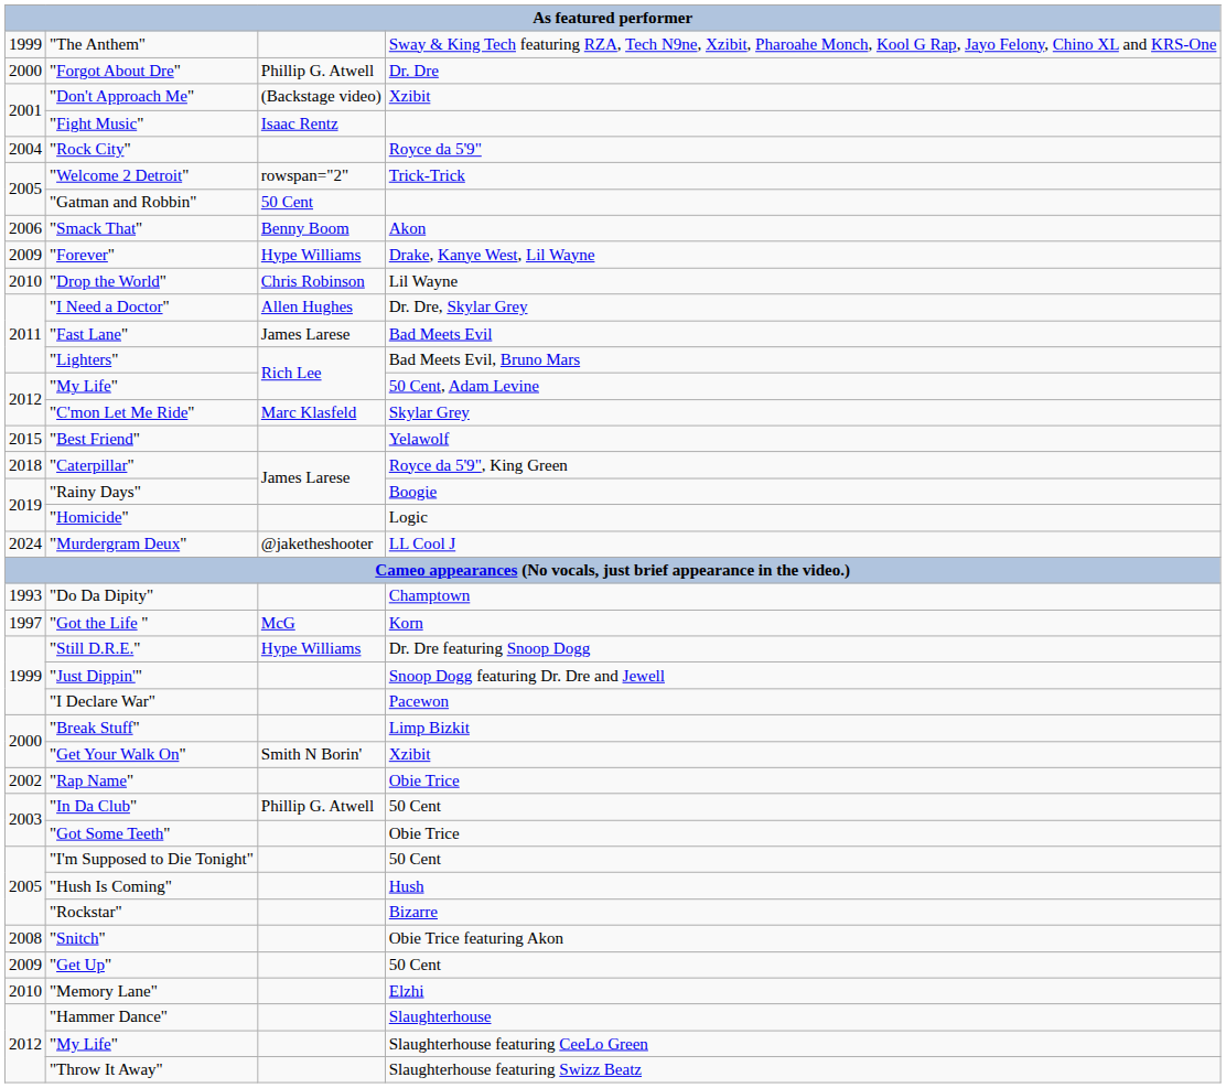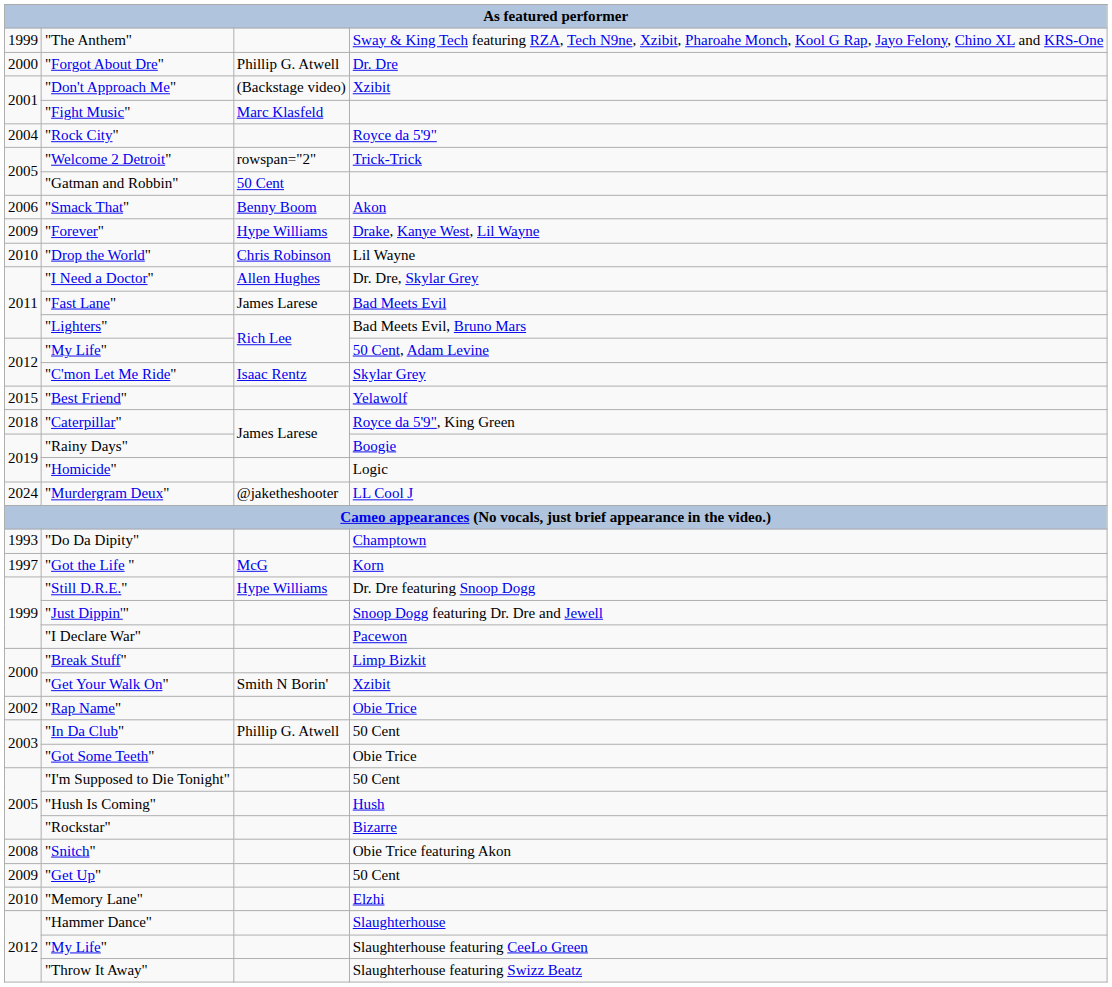 <table class="wikitable plainrowheaders sortable">
 <tr>
 </tr>
 <tr>
 <th colspan="5" style="background:#B0C4DE;">As featured performer</th>
 </tr>
 <tr>
 <td style="text-align:center;">1999</td>
 <td>"The Anthem"</td>
 <td></td>
 <td><a href='#'>Sway & King Tech</a> featuring <a href='#'>RZA</a>, <a href='#'>Tech N9ne</a>, <a href='#'>Xzibit</a>, <a href='#'>Pharoahe Monch</a>, <a href='#'>Kool G Rap</a>, <a href='#'>Jayo Felony</a>, <a href='#'>Chino XL</a> and <a href='#'>KRS-One</a></td>
 </tr>
 <tr>
 <td style="text-align:center;">2000</td>
 <td>"<a href='#'>Forgot About Dre</a>"</td>
 <td>Phillip G. Atwell</td>
 <td><a href='#'>Dr. Dre</a></td>
 </tr>
 <tr>
 <td rowspan="2" style="text-align:center;">2001</td>
 <td>"<a href='#'>Don't Approach Me</a>"</td>
 <td>(Backstage video)</td>
 <td><a href='#'>Xzibit</a></td>
 </tr>
 <tr>
 <td>"<a href='#'>Fight Music</a>"</td>
-<td><a href='#'>Isaac Rentz</a></td>
+<td><a href='#'>Marc Klasfeld</a></td>
 </tr>
 <tr>
 <td style="text-align:center;">2004</td>
 <td>"<a href='#'>Rock City</a>"</td>
 <td></td>
 <td><a href='#'>Royce da 5'9"</a></td>
 </tr>
 <tr>
 <td rowspan="2">2005</td>
 <td>"<a href='#'>Welcome 2 Detroit</a>"</td>
 <td>rowspan="2" </td>
 <td><a href='#'>Trick-Trick</a></td>
 </tr>
 <tr>
 <td>"Gatman and Robbin"</td>
 <td><a href='#'>50 Cent</a></td>
 </tr>
 <tr>
 <td style="text-align:center;">2006</td>
 <td>"<a href='#'>Smack That</a>"</td>
 <td><a href='#'>Benny Boom</a></td>
 <td><a href='#'>Akon</a></td>
 </tr>
 <tr>
 <td style="text-align:center;">2009</td>
 <td>"<a href='#'>Forever</a>"</td>
 <td><a href='#'>Hype Williams</a></td>
 <td><a href='#'>Drake</a>, <a href='#'>Kanye West</a>, <a href='#'>Lil Wayne</a></td>
 </tr>
 <tr>
 <td style="text-align:center;">2010</td>
 <td>"<a href='#'>Drop the World</a>"</td>
 <td><a href='#'>Chris Robinson</a></td>
 <td>Lil Wayne</td>
 </tr>
 <tr>
 <td rowspan="3" style="text-align:center;">2011</td>
 <td>"<a href='#'>I Need a Doctor</a>"</td>
 <td><a href='#'>Allen Hughes</a></td>
 <td>Dr. Dre, <a href='#'>Skylar Grey</a></td>
 </tr>
 <tr>
 <td>"<a href='#'>Fast Lane</a>"</td>
 <td>James Larese</td>
 <td><a href='#'>Bad Meets Evil</a></td>
 </tr>
 <tr>
 <td>"<a href='#'>Lighters</a>"</td>
 <td rowspan="2"><a href='#'>Rich Lee</a></td>
 <td>Bad Meets Evil, <a href='#'>Bruno Mars</a></td>
 </tr>
 <tr>
 <td rowspan="2" style="text-align:center;">2012</td>
 <td>"<a href='#'>My Life</a>"</td>
 <td><a href='#'>50 Cent</a>, <a href='#'>Adam Levine</a></td>
 </tr>
 <tr>
 <td>"<a href='#'>C'mon Let Me Ride</a>"</td>
-<td><a href='#'>Marc Klasfeld</a></td>
+<td><a href='#'>Isaac Rentz</a></td>
 <td><a href='#'>Skylar Grey</a></td>
 </tr>
 <tr>
 <td style="text-align:center;">2015</td>
 <td>"<a href='#'>Best Friend</a>"</td>
 <td></td>
 <td><a href='#'>Yelawolf</a></td>
 </tr>
 <tr>
 <td style="text-align:center;">2018</td>
 <td>"<a href='#'>Caterpillar</a>"</td>
 <td rowspan="2">James Larese</td>
 <td><a href='#'>Royce da 5'9"</a>, King Green</td>
 </tr>
 <tr>
 <td rowspan="2" style="text-align:center;">2019</td>
 <td>"Rainy Days"</td>
 <td><a href='#'>Boogie</a></td>
 </tr>
 <tr>
 <td>"<a href='#'>Homicide</a>"</td>
 <td></td>
 <td>Logic</td>
 </tr>
 <tr>
 <td>2024</td>
 <td>"<a href='#'>Murdergram Deux</a>"</td>
 <td>@jaketheshooter</td>
 <td><a href='#'>LL Cool J</a></td>
 </tr>
 <tr>
 <th colspan="5" style="background:#B0C4DE;"><a href='#'>Cameo appearances</a> (No vocals, just brief appearance in the video.)</th>
 </tr>
 <tr>
 <td style="text-align:center;">1993</td>
 <td>"Do Da Dipity"</td>
 <td></td>
 <td><a href='#'>Champtown</a></td>
 </tr>
 <tr>
 <td style="text-align:center;">1997</td>
 <td>"<a href='#'>Got the Life</a> "</td>
 <td><a href='#'>McG</a></td>
 <td><a href='#'>Korn</a></td>
 </tr>
 <tr>
 <td rowspan="3" style="text-align:center;">1999</td>
 <td>"<a href='#'>Still D.R.E.</a>"</td>
 <td><a href='#'>Hype Williams</a></td>
 <td>Dr. Dre featuring <a href='#'>Snoop Dogg</a></td>
 </tr>
 <tr>
 <td>"<a href='#'>Just Dippin'</a>"</td>
 <td></td>
 <td><a href='#'>Snoop Dogg</a> featuring Dr. Dre and <a href='#'>Jewell</a></td>
 </tr>
 <tr>
 <td>"I Declare War"</td>
 <td></td>
 <td><a href='#'>Pacewon</a></td>
 </tr>
 <tr>
 <td rowspan="2" style="text-align:center;">2000</td>
 <td>"<a href='#'>Break Stuff</a>"</td>
 <td></td>
 <td><a href='#'>Limp Bizkit</a></td>
 </tr>
 <tr>
 <td>"<a href='#'>Get Your Walk On</a>"</td>
 <td>Smith N Borin'</td>
 <td><a href='#'>Xzibit</a></td>
 </tr>
 <tr>
 <td style="text-align:center;">2002</td>
 <td>"<a href='#'>Rap Name</a>"</td>
 <td></td>
 <td><a href='#'>Obie Trice</a></td>
 </tr>
 <tr>
 <td rowspan="2" style="text-align:center;">2003</td>
 <td>"<a href='#'>In Da Club</a>"</td>
 <td>Phillip G. Atwell</td>
 <td>50 Cent</td>
 </tr>
 <tr>
 <td>"<a href='#'>Got Some Teeth</a>"</td>
 <td></td>
 <td>Obie Trice</td>
 </tr>
 <tr>
 <td rowspan="3" style="text-align:center;">2005</td>
 <td>"I'm Supposed to Die Tonight"</td>
 <td></td>
 <td>50 Cent</td>
 </tr>
 <tr>
 <td>"Hush Is Coming"</td>
 <td></td>
 <td><a href='#'>Hush</a></td>
 </tr>
 <tr>
 <td>"Rockstar"</td>
 <td></td>
 <td><a href='#'>Bizarre</a></td>
 </tr>
 <tr>
 <td style="text-align:center;">2008</td>
 <td>"<a href='#'>Snitch</a>"</td>
 <td></td>
 <td>Obie Trice featuring Akon</td>
 </tr>
 <tr>
 <td style="text-align:center;">2009</td>
 <td>"<a href='#'>Get Up</a>"</td>
 <td></td>
 <td>50 Cent</td>
 </tr>
 <tr>
 <td style="text-align:center;">2010</td>
 <td>"Memory Lane"</td>
 <td></td>
 <td><a href='#'>Elzhi</a></td>
 </tr>
 <tr>
 <td rowspan="3" style="text-align:center;">2012</td>
 <td>"Hammer Dance"</td>
 <td></td>
 <td><a href='#'>Slaughterhouse</a></td>
 </tr>
 <tr>
 <td>"<a href='#'>My Life</a>"</td>
 <td></td>
 <td>Slaughterhouse featuring <a href='#'>CeeLo Green</a></td>
 </tr>
 <tr>
 <td>"Throw It Away"</td>
 <td></td>
 <td>Slaughterhouse featuring <a href='#'>Swizz Beatz</a></td>
 </tr>
 </table>
